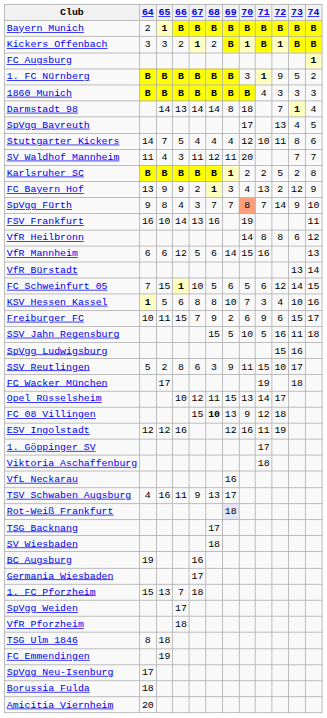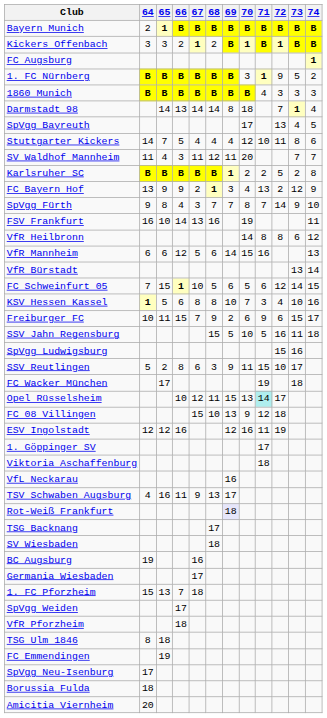 <table class="wikitable">
 <tr>
 <th>Club</th>
 <th><a href='#'>64</a></th>
 <th><a href='#'>65</a></th>
 <th><a href='#'>66</a></th>
 <th><a href='#'>67</a></th>
 <th><a href='#'>68</a></th>
 <th><a href='#'>69</a></th>
 <th><a href='#'>70</a></th>
 <th><a href='#'>71</a></th>
 <th><a href='#'>72</a></th>
 <th><a href='#'>73</a></th>
 <th><a href='#'>74</a></th>
 </tr>
 <tr align="center">
 <td align="left"><a href='#'>Bayern Munich</a></td>
 <td>2</td>
 <td bgcolor="#ffffbf"><strong>1</strong></td>
 <td bgcolor="#FFFF00"><strong>B</strong></td>
 <td bgcolor="#FFFF00"><strong>B</strong></td>
 <td bgcolor="#FFFF00"><strong>B</strong></td>
 <td bgcolor="#FFFF00"><strong>B</strong></td>
 <td bgcolor="#FFFF00"><strong>B</strong></td>
 <td bgcolor="#FFFF00"><strong>B</strong></td>
 <td bgcolor="#FFFF00"><strong>B</strong></td>
 <td bgcolor="#FFFF00"><strong>B</strong></td>
 <td bgcolor="#FFFF00"><strong>B</strong></td>
 </tr>
 <tr align="center">
 <td align="left"><a href='#'>Kickers Offenbach</a></td>
 <td>3</td>
 <td>3</td>
 <td>2</td>
 <td bgcolor="#ffffbf"><strong>1</strong></td>
 <td>2</td>
 <td bgcolor="#FFFF00"><strong>B</strong></td>
 <td bgcolor="#ffffbf"><strong>1</strong></td>
 <td bgcolor="#FFFF00"><strong>B</strong></td>
 <td bgcolor="#ffffbf"><strong>1</strong></td>
 <td bgcolor="#FFFF00"><strong>B</strong></td>
 <td bgcolor="#FFFF00"><strong>B</strong></td>
 </tr>
 <tr align="center">
 <td align="left"><a href='#'>FC Augsburg</a></td>
 <td></td>
 <td></td>
 <td></td>
 <td></td>
 <td></td>
 <td></td>
 <td></td>
 <td></td>
 <td></td>
 <td></td>
 <td bgcolor="#ffffbf"><strong>1</strong></td>
 </tr>
 <tr align="center">
 <td align="left"><a href='#'>1. FC Nürnberg</a></td>
 <td bgcolor="#FFFF00"><strong>B</strong></td>
 <td bgcolor="#FFFF00"><strong>B</strong></td>
 <td bgcolor="#FFFF00"><strong>B</strong></td>
 <td bgcolor="#FFFF00"><strong>B</strong></td>
 <td bgcolor="#FFFF00"><strong>B</strong></td>
 <td bgcolor="#FFFF00"><strong>B</strong></td>
 <td>3</td>
 <td bgcolor="#ffffbf"><strong>1</strong></td>
 <td>9</td>
 <td>5</td>
 <td>2</td>
 </tr>
 <tr align="center">
 <td align="left"><a href='#'>1860 Munich</a></td>
 <td bgcolor="#FFFF00"><strong>B</strong></td>
 <td bgcolor="#FFFF00"><strong>B</strong></td>
 <td bgcolor="#FFFF00"><strong>B</strong></td>
 <td bgcolor="#FFFF00"><strong>B</strong></td>
 <td bgcolor="#FFFF00"><strong>B</strong></td>
 <td bgcolor="#FFFF00"><strong>B</strong></td>
 <td bgcolor="#FFFF00"><strong>B</strong></td>
 <td>4</td>
 <td>3</td>
 <td>3</td>
 <td>3</td>
 </tr>
 <tr align="center">
 <td align="left"><a href='#'>Darmstadt 98</a></td>
 <td></td>
 <td>14</td>
 <td>13</td>
 <td>14</td>
 <td>14</td>
 <td>8</td>
 <td>18</td>
 <td></td>
 <td>7</td>
 <td bgcolor="#ffffbf"><strong>1</strong></td>
 <td>4</td>
 </tr>
 <tr align="center">
 <td align="left"><a href='#'>SpVgg Bayreuth</a></td>
 <td></td>
 <td></td>
 <td></td>
 <td></td>
 <td></td>
 <td></td>
 <td>17</td>
 <td></td>
 <td>13</td>
 <td>4</td>
 <td>5</td>
 </tr>
 <tr align="center">
 <td align="left"><a href='#'>Stuttgarter Kickers</a></td>
 <td>14</td>
 <td>7</td>
 <td>5</td>
 <td>4</td>
 <td>4</td>
 <td>4</td>
 <td>12</td>
 <td>10</td>
 <td>11</td>
 <td>8</td>
 <td>6</td>
 </tr>
 <tr align="center">
 <td align="left"><a href='#'>SV Waldhof Mannheim</a></td>
 <td>11</td>
 <td>4</td>
 <td>3</td>
 <td>11</td>
 <td>12</td>
 <td>11</td>
 <td>20</td>
 <td></td>
 <td></td>
 <td>7</td>
 <td>7</td>
 </tr>
 <tr align="center">
 <td align="left"><a href='#'>Karlsruher SC</a></td>
 <td bgcolor="#FFFF00"><strong>B</strong></td>
 <td bgcolor="#FFFF00"><strong>B</strong></td>
 <td bgcolor="#FFFF00"><strong>B</strong></td>
 <td bgcolor="#FFFF00"><strong>B</strong></td>
 <td bgcolor="#FFFF00"><strong>B</strong></td>
 <td bgcolor="#ffffbf"><strong>1</strong></td>
 <td>2</td>
 <td>2</td>
 <td>5</td>
 <td>2</td>
 <td>8</td>
 </tr>
 <tr align="center">
 <td align="left"><a href='#'>FC Bayern Hof</a></td>
 <td>13</td>
 <td>9</td>
 <td>9</td>
 <td>2</td>
 <td bgcolor="#ffffbf"><strong>1</strong></td>
 <td>3</td>
 <td>4</td>
 <td>13</td>
 <td>2</td>
 <td>12</td>
 <td>9</td>
 </tr>
 <tr align="center">
 <td align="left"><a href='#'>SpVgg Fürth</a></td>
 <td>9</td>
 <td>8</td>
 <td>4</td>
 <td>3</td>
 <td>7</td>
 <td>7</td>
-<td style="background: lightsalmon;">8</td>
+<td>8</td>
 <td>7</td>
 <td>14</td>
 <td>9</td>
 <td>10</td>
 </tr>
 <tr align="center">
 <td align="left"><a href='#'>FSV Frankfurt</a></td>
 <td>16</td>
 <td>10</td>
 <td>14</td>
 <td>13</td>
 <td>16</td>
 <td></td>
 <td>19</td>
 <td></td>
 <td></td>
 <td></td>
 <td>11</td>
 </tr>
 <tr align="center">
 <td align="left"><a href='#'>VfR Heilbronn</a></td>
 <td></td>
 <td></td>
 <td></td>
 <td></td>
 <td></td>
 <td></td>
 <td>14</td>
 <td>8</td>
 <td>8</td>
 <td>6</td>
 <td>12</td>
 </tr>
 <tr align="center">
 <td align="left"><a href='#'>VfR Mannheim</a></td>
 <td>6</td>
 <td>6</td>
 <td>12</td>
 <td>5</td>
 <td>6</td>
 <td>14</td>
 <td>15</td>
 <td>16</td>
 <td></td>
 <td></td>
 <td>13</td>
 </tr>
 <tr align="center">
 <td align="left"><a href='#'>VfR Bürstadt</a></td>
 <td></td>
 <td></td>
 <td></td>
 <td></td>
 <td></td>
 <td></td>
 <td></td>
 <td></td>
 <td></td>
 <td>13</td>
 <td>14</td>
 </tr>
 <tr align="center">
 <td align="left"><a href='#'>FC Schweinfurt 05</a></td>
 <td>7</td>
 <td>15</td>
 <td bgcolor="#ffffbf"><strong>1</strong></td>
 <td>10</td>
 <td>5</td>
 <td>6</td>
 <td>5</td>
 <td>6</td>
 <td>12</td>
 <td>14</td>
 <td>15</td>
 </tr>
 <tr align="center">
 <td align="left"><a href='#'>KSV Hessen Kassel</a></td>
 <td bgcolor="#ffffbf"><strong>1</strong></td>
 <td>5</td>
 <td>6</td>
 <td>8</td>
 <td>8</td>
 <td>10</td>
 <td>7</td>
 <td>3</td>
 <td>4</td>
 <td>10</td>
 <td>16</td>
 </tr>
 <tr align="center">
 <td align="left"><a href='#'>Freiburger FC</a></td>
 <td>10</td>
 <td>11</td>
 <td>15</td>
 <td>7</td>
 <td>9</td>
 <td>2</td>
 <td>6</td>
 <td>9</td>
 <td>6</td>
 <td>15</td>
 <td>17</td>
 </tr>
 <tr align="center">
 <td align="left"><a href='#'>SSV Jahn Regensburg</a></td>
 <td></td>
 <td></td>
 <td></td>
 <td></td>
 <td>15</td>
 <td>5</td>
 <td>10</td>
 <td>5</td>
 <td>16</td>
 <td>11</td>
 <td>18</td>
 </tr>
 <tr align="center">
 <td align="left"><a href='#'>SpVgg Ludwigsburg</a></td>
 <td></td>
 <td></td>
 <td></td>
 <td></td>
 <td></td>
 <td></td>
 <td></td>
 <td></td>
 <td>15</td>
 <td>16</td>
 <td></td>
 </tr>
 <tr align="center">
 <td align="left"><a href='#'>SSV Reutlingen</a></td>
 <td>5</td>
 <td>2</td>
 <td>8</td>
 <td>6</td>
 <td>3</td>
 <td>9</td>
 <td>11</td>
 <td>15</td>
 <td>10</td>
 <td>17</td>
 <td></td>
 </tr>
 <tr align="center">
 <td align="left"><a href='#'>FC Wacker München</a></td>
 <td></td>
 <td>17</td>
 <td></td>
 <td></td>
 <td></td>
 <td></td>
 <td></td>
 <td>19</td>
 <td></td>
 <td>18</td>
 <td></td>
 </tr>
 <tr align="center">
 <td align="left"><a href='#'>Opel Rüsselsheim</a></td>
 <td></td>
 <td></td>
 <td>10</td>
 <td>12</td>
 <td>11</td>
 <td>15</td>
 <td>13</td>
-<td>14</td>
+<td style="background: paleturquoise;">14</td>
 <td>17</td>
 <td></td>
 <td></td>
 </tr>
 <tr align="center">
 <td align="left"><a href='#'>FC 08 Villingen</a></td>
 <td></td>
 <td></td>
 <td></td>
 <td>15</td>
-<td><strong>10</strong></td>
+<td>10</td>
 <td>13</td>
 <td>9</td>
 <td>12</td>
 <td>18</td>
 <td></td>
 <td></td>
 </tr>
 <tr align="center">
 <td align="left"><a href='#'>ESV Ingolstadt</a></td>
 <td>12</td>
 <td>12</td>
 <td>16</td>
 <td></td>
 <td></td>
 <td>12</td>
 <td>16</td>
 <td>11</td>
 <td>19</td>
 <td></td>
 <td></td>
 </tr>
 <tr align="center">
 <td align="left"><a href='#'>1. Göppinger SV</a></td>
 <td></td>
 <td></td>
 <td></td>
 <td></td>
 <td></td>
 <td></td>
 <td></td>
 <td>17</td>
 <td></td>
 <td></td>
 <td></td>
 </tr>
 <tr align="center">
 <td align="left"><a href='#'>Viktoria Aschaffenburg</a></td>
 <td></td>
 <td></td>
 <td></td>
 <td></td>
 <td></td>
 <td></td>
 <td></td>
 <td>18</td>
 <td></td>
 <td></td>
 <td></td>
 </tr>
 <tr align="center">
 <td align="left"><a href='#'>VfL Neckarau</a></td>
 <td></td>
 <td></td>
 <td></td>
 <td></td>
 <td></td>
 <td>16</td>
 <td></td>
 <td></td>
 <td></td>
 <td></td>
 <td></td>
 </tr>
 <tr align="center">
 <td align="left"><a href='#'>TSV Schwaben Augsburg</a></td>
 <td>4</td>
 <td>16</td>
 <td>11</td>
 <td>9</td>
 <td>13</td>
 <td>17</td>
 <td></td>
 <td></td>
 <td></td>
 <td></td>
 <td></td>
 </tr>
 <tr align="center">
 <td align="left"><a href='#'>Rot-Weiß Frankfurt</a></td>
 <td></td>
 <td></td>
 <td></td>
 <td></td>
 <td></td>
 <td style="background: lavender;">18</td>
 <td></td>
 <td></td>
 <td></td>
 <td></td>
 <td></td>
 </tr>
 <tr align="center">
 <td align="left"><a href='#'>TSG Backnang</a></td>
 <td></td>
 <td></td>
 <td></td>
 <td></td>
 <td>17</td>
 <td></td>
 <td></td>
 <td></td>
 <td></td>
 <td></td>
 <td></td>
 </tr>
 <tr align="center">
 <td align="left"><a href='#'>SV Wiesbaden</a></td>
 <td></td>
 <td></td>
 <td></td>
 <td></td>
 <td>18</td>
 <td></td>
 <td></td>
 <td></td>
 <td></td>
 <td></td>
 <td></td>
 </tr>
 <tr align="center">
 <td align="left"><a href='#'>BC Augsburg</a></td>
 <td>19</td>
 <td></td>
 <td></td>
 <td>16</td>
 <td></td>
 <td></td>
 <td></td>
 <td></td>
 <td></td>
 <td></td>
 <td></td>
 </tr>
 <tr align="center">
 <td align="left"><a href='#'>Germania Wiesbaden</a></td>
 <td></td>
 <td></td>
 <td></td>
 <td>17</td>
 <td></td>
 <td></td>
 <td></td>
 <td></td>
 <td></td>
 <td></td>
 <td></td>
 </tr>
 <tr align="center">
 <td align="left"><a href='#'>1. FC Pforzheim</a></td>
 <td>15</td>
 <td>13</td>
 <td>7</td>
 <td>18</td>
 <td></td>
 <td></td>
 <td></td>
 <td></td>
 <td></td>
 <td></td>
 <td></td>
 </tr>
 <tr align="center">
 <td align="left"><a href='#'>SpVgg Weiden</a></td>
 <td></td>
 <td></td>
 <td>17</td>
 <td></td>
 <td></td>
 <td></td>
 <td></td>
 <td></td>
 <td></td>
 <td></td>
 <td></td>
 </tr>
 <tr align="center">
 <td align="left"><a href='#'>VfR Pforzheim</a></td>
 <td></td>
 <td></td>
 <td>18</td>
 <td></td>
 <td></td>
 <td></td>
 <td></td>
 <td></td>
 <td></td>
 <td></td>
 <td></td>
 </tr>
 <tr align="center">
 <td align="left"><a href='#'>TSG Ulm 1846</a></td>
 <td>8</td>
 <td>18</td>
 <td></td>
 <td></td>
 <td></td>
 <td></td>
 <td></td>
 <td></td>
 <td></td>
 <td></td>
 <td></td>
 </tr>
 <tr align="center">
 <td align="left"><a href='#'>FC Emmendingen</a></td>
 <td></td>
 <td>19</td>
 <td></td>
 <td></td>
 <td></td>
 <td></td>
 <td></td>
 <td></td>
 <td></td>
 <td></td>
 <td></td>
 </tr>
 <tr align="center">
 <td align="left"><a href='#'>SpVgg Neu-Isenburg</a></td>
 <td>17</td>
 <td></td>
 <td></td>
 <td></td>
 <td></td>
 <td></td>
 <td></td>
 <td></td>
 <td></td>
 <td></td>
 <td></td>
 </tr>
 <tr align="center">
 <td align="left"><a href='#'>Borussia Fulda</a></td>
 <td>18</td>
 <td></td>
 <td></td>
 <td></td>
 <td></td>
 <td></td>
 <td></td>
 <td></td>
 <td></td>
 <td></td>
 <td></td>
 </tr>
 <tr align="center">
 <td align="left"><a href='#'>Amicitia Viernheim</a></td>
 <td>20</td>
 <td></td>
 <td></td>
 <td></td>
 <td></td>
 <td></td>
 <td></td>
 <td></td>
 <td></td>
 <td></td>
 <td></td>
 </tr>
 </table>
